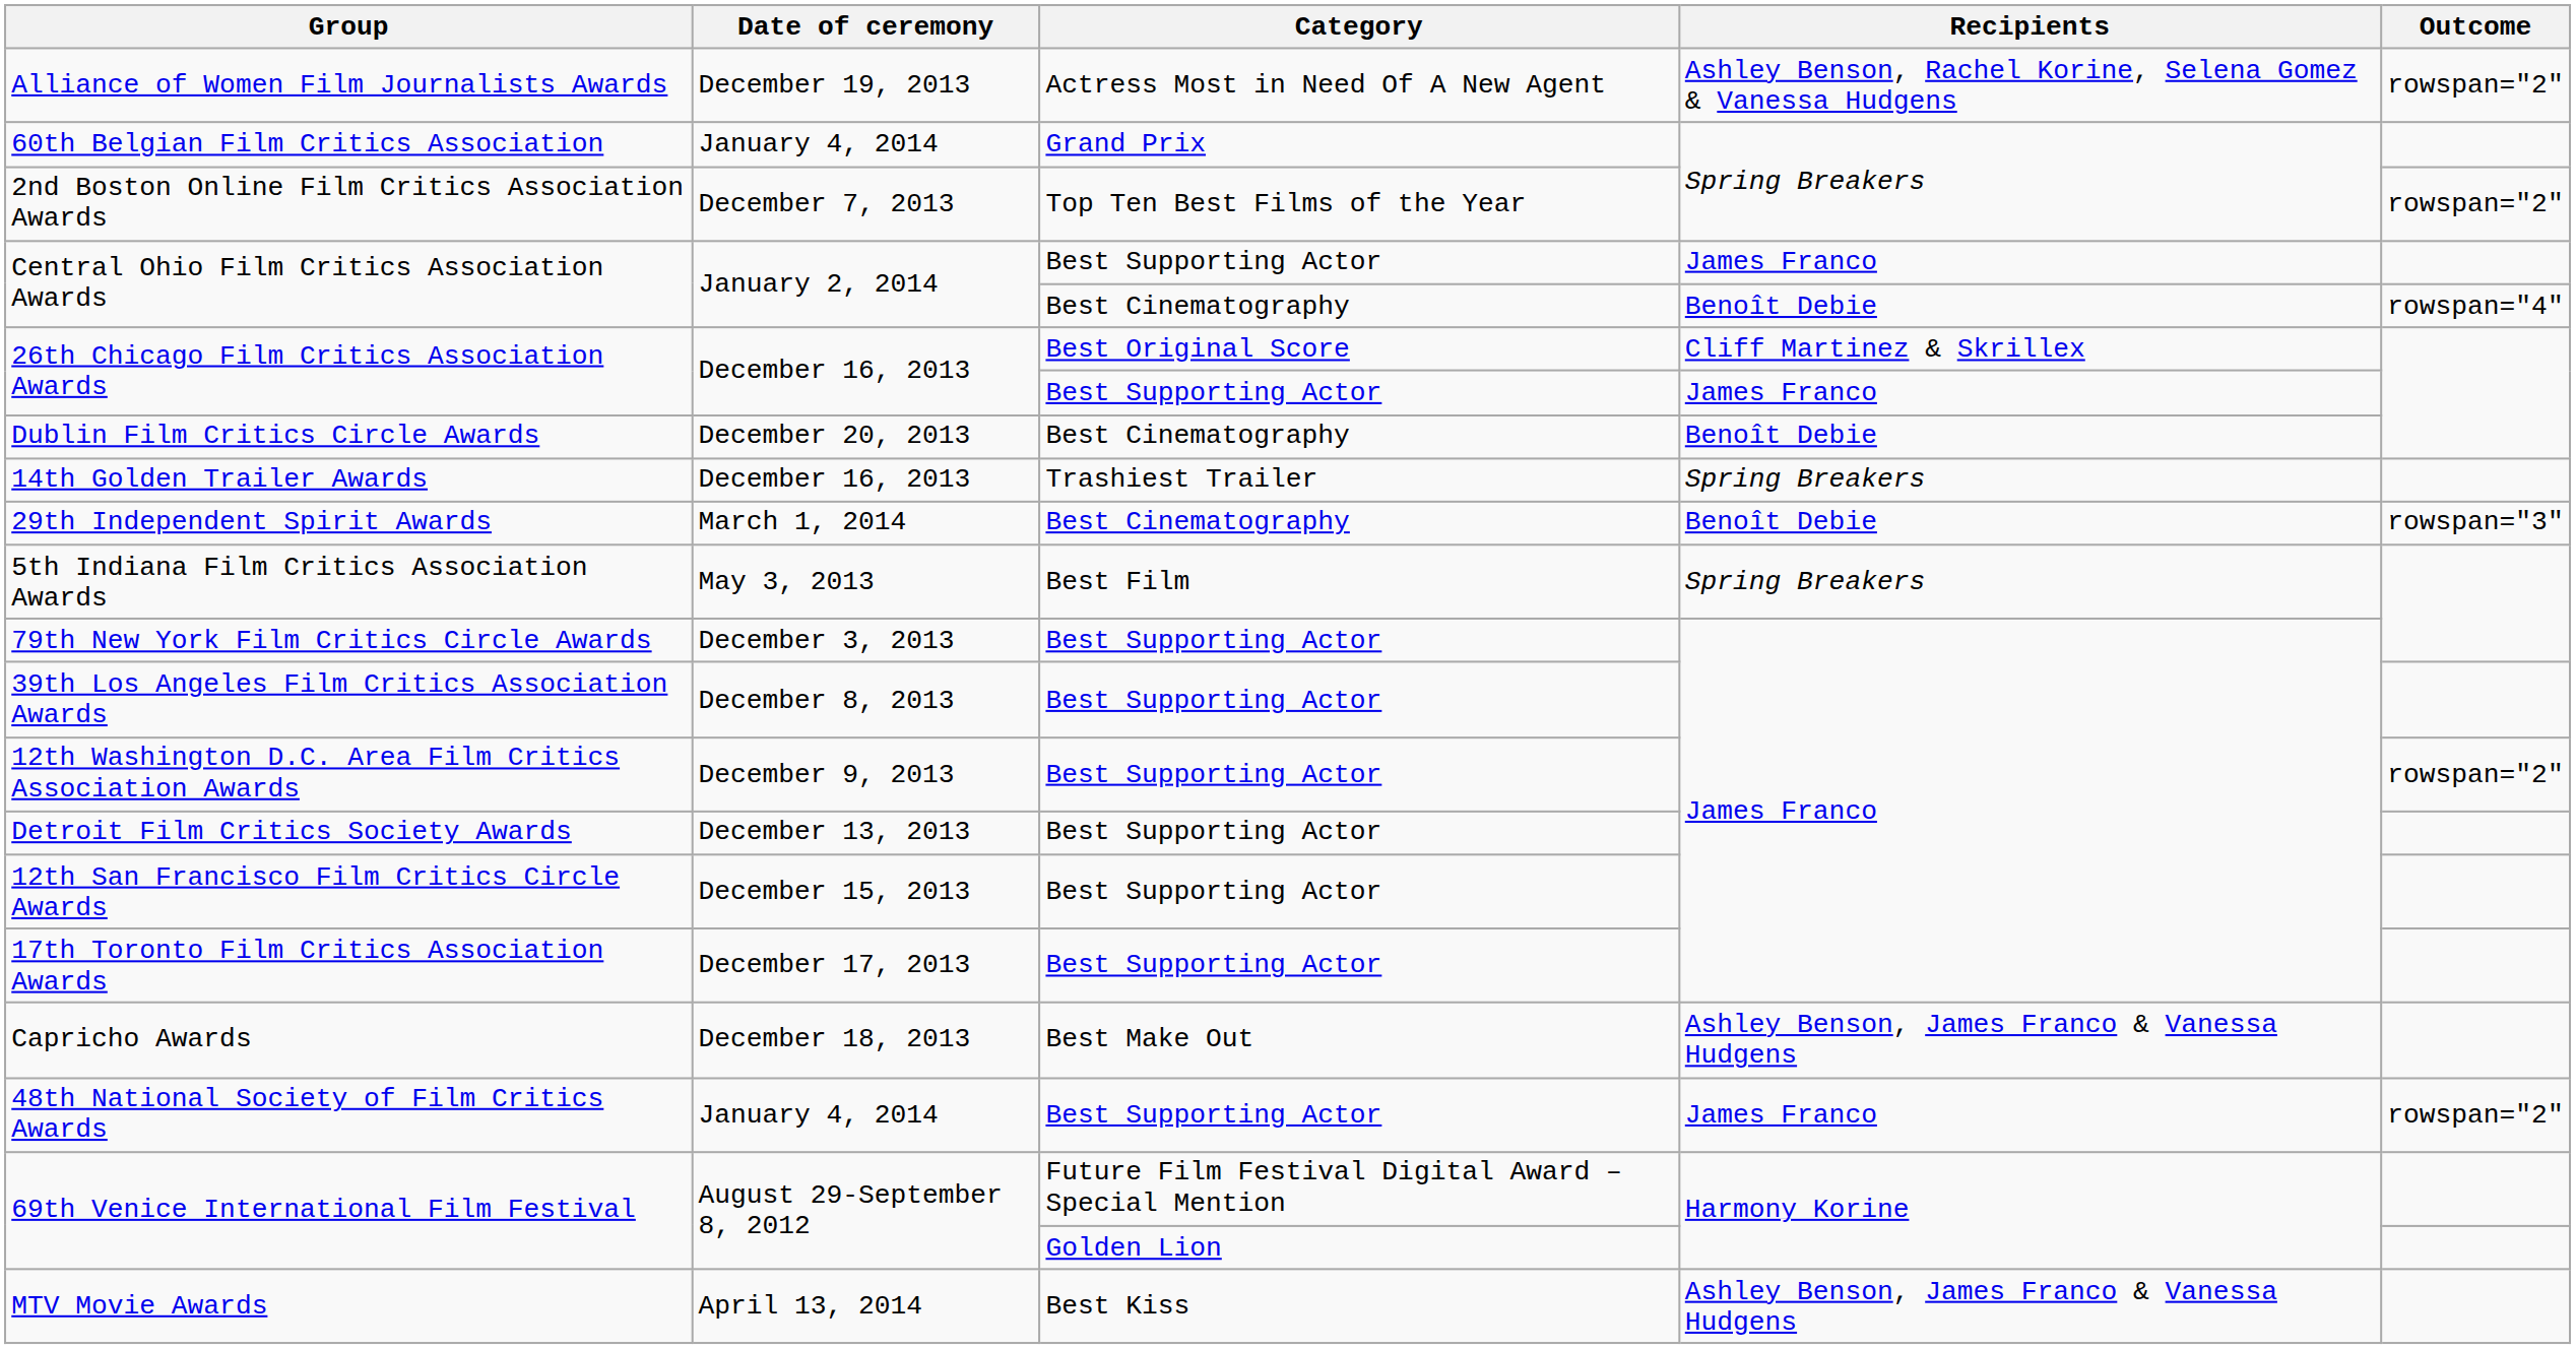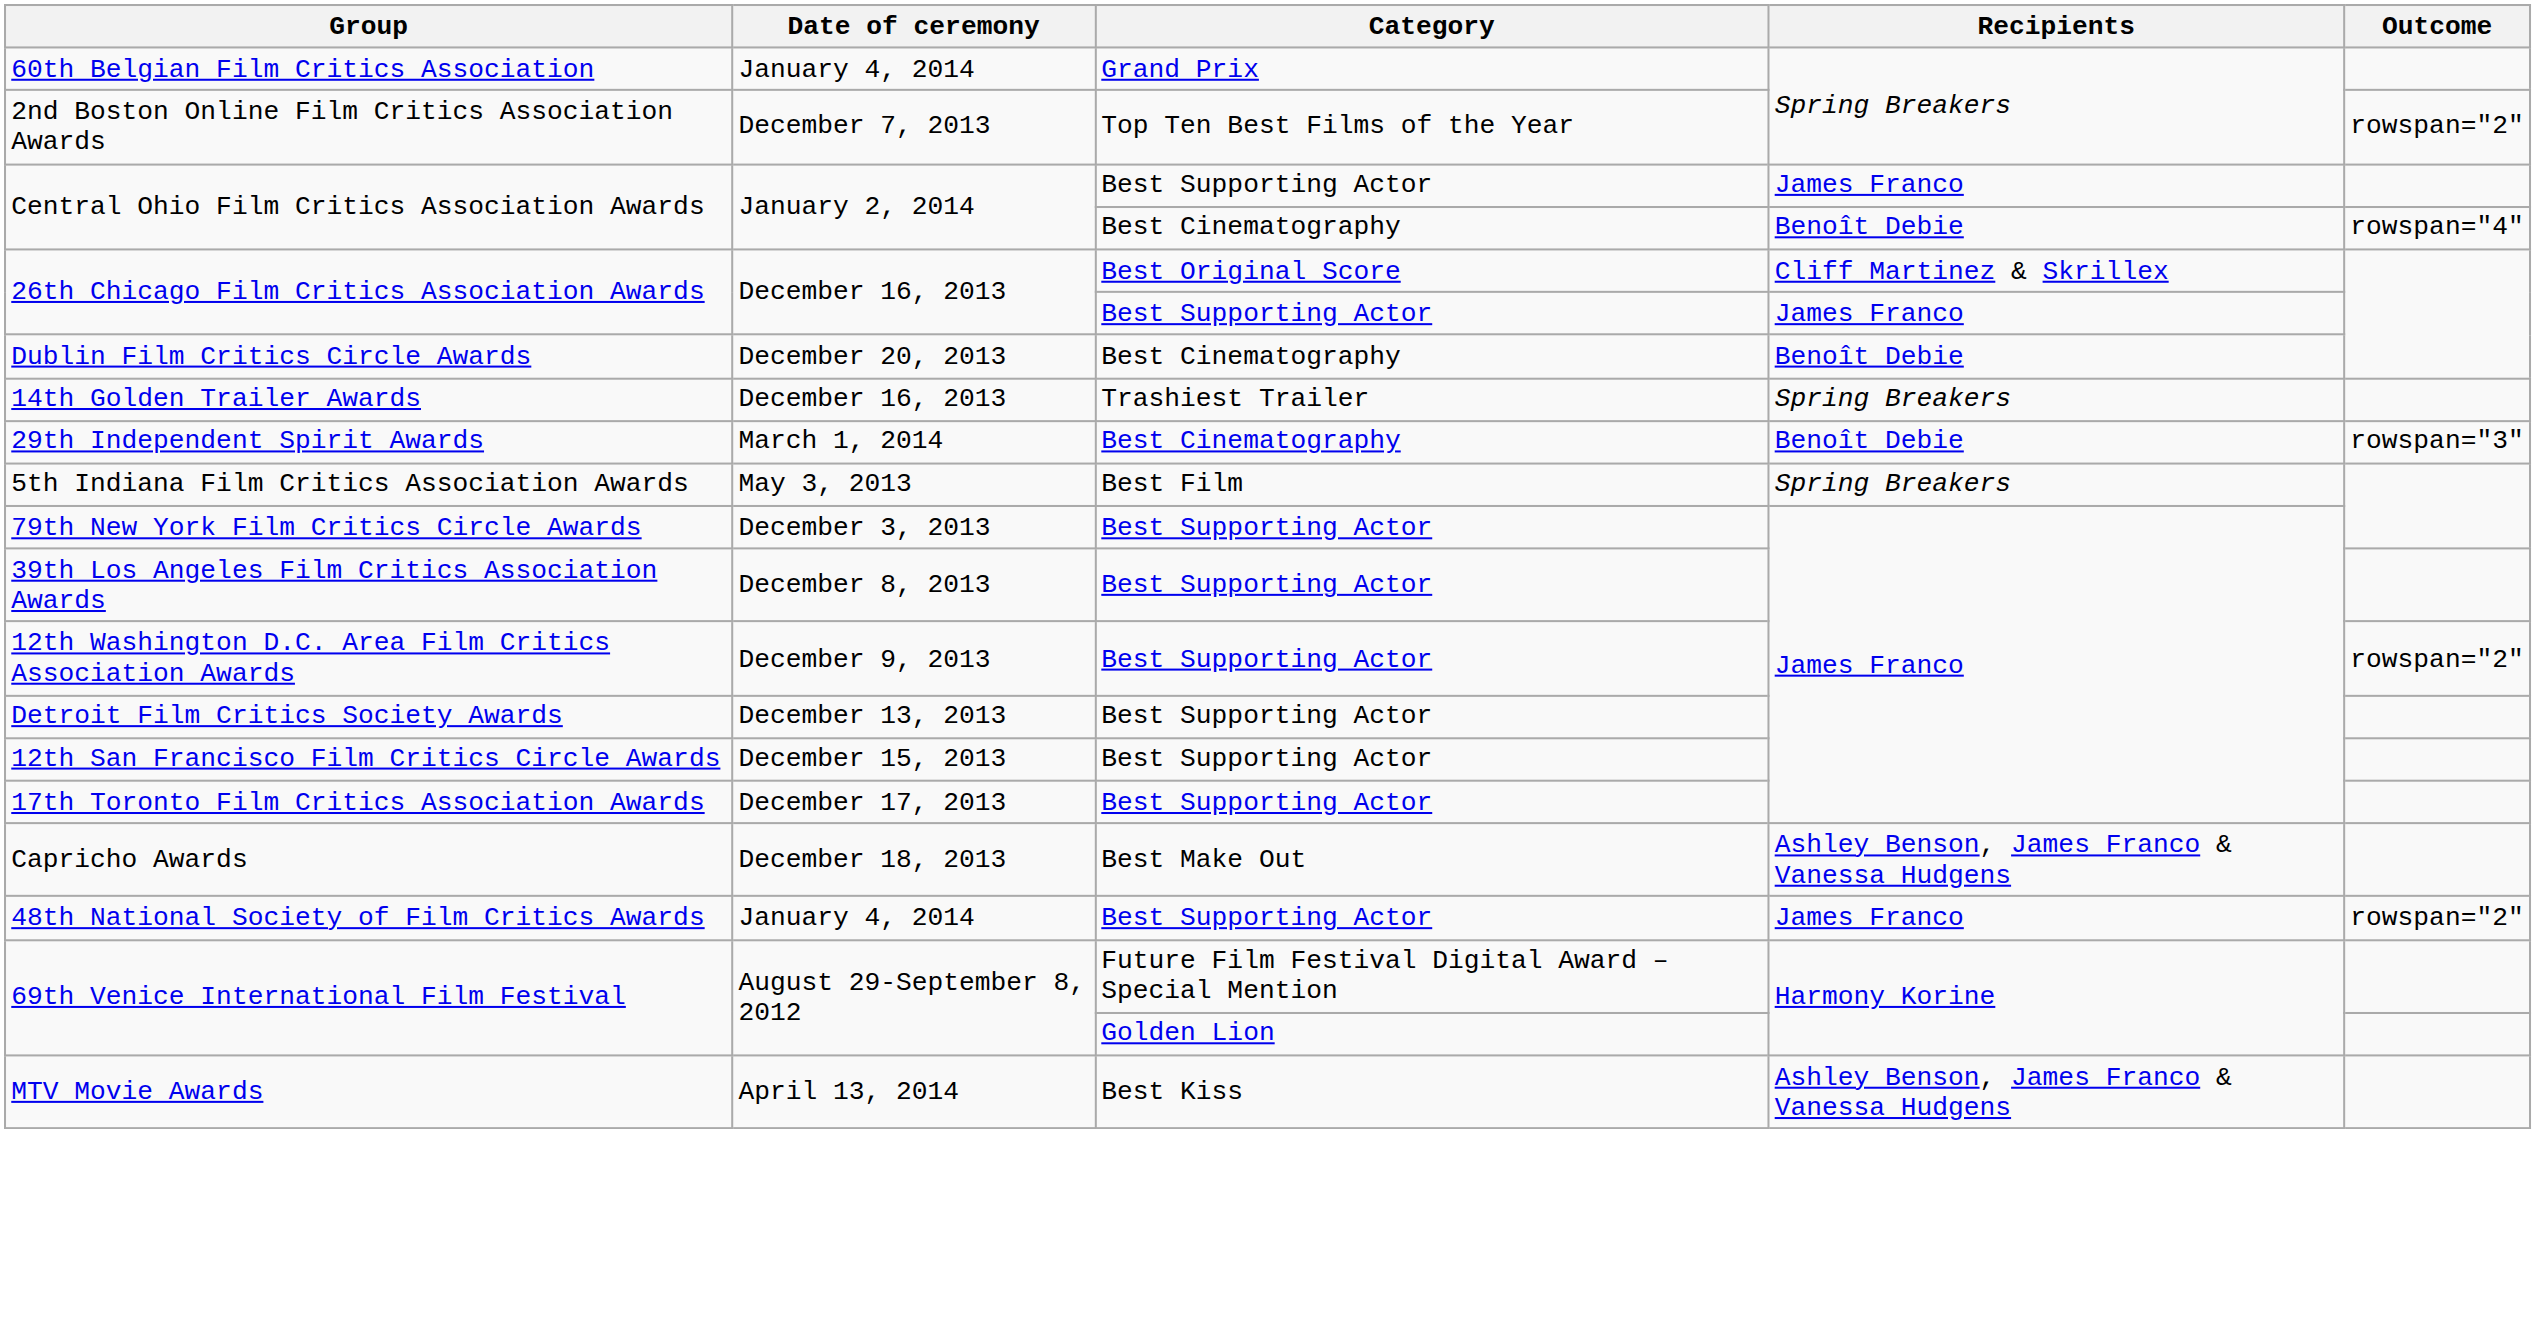 <table class="wikitable">
 <tr>
 <th>Group</th>
 <th>Date of ceremony</th>
 <th>Category</th>
 <th>Recipients</th>
 <th>Outcome</th>
-</tr>
-<tr>
-<td><a href='#'>Alliance of Women Film Journalists Awards</a></td>
-<td>December 19, 2013</td>
-<td>Actress Most in Need Of A New Agent</td>
-<td><a href='#'>Ashley Benson</a>, <a href='#'>Rachel Korine</a>, <a href='#'>Selena Gomez</a> & <a href='#'>Vanessa Hudgens</a></td>
-<td>rowspan="2" </td>
 </tr>
 <tr>
 <td><a href='#'>60th Belgian Film Critics Association</a></td>
 <td>January 4, 2014</td>
 <td><a href='#'>Grand Prix</a></td>
 <td rowspan="2"><em>Spring Breakers</em></td>
 </tr>
 <tr>
 <td>2nd Boston Online Film Critics Association Awards</td>
 <td>December 7, 2013</td>
 <td>Top Ten Best Films of the Year</td>
 <td>rowspan="2" </td>
 </tr>
 <tr>
 <td rowspan="2">Central Ohio Film Critics Association Awards</td>
 <td rowspan="2">January 2, 2014</td>
 <td>Best Supporting Actor</td>
 <td><a href='#'>James Franco</a></td>
 </tr>
 <tr>
 <td>Best Cinematography</td>
 <td><a href='#'>Benoît Debie</a></td>
 <td>rowspan="4" </td>
 </tr>
 <tr>
 <td rowspan="2"><a href='#'>26th Chicago Film Critics Association Awards</a></td>
 <td rowspan="2">December 16, 2013</td>
 <td><a href='#'>Best Original Score</a></td>
 <td><a href='#'>Cliff Martinez</a> & <a href='#'>Skrillex</a></td>
 </tr>
 <tr>
 <td><a href='#'>Best Supporting Actor</a></td>
 <td><a href='#'>James Franco</a></td>
 </tr>
 <tr>
 <td><a href='#'>Dublin Film Critics Circle Awards</a></td>
 <td>December 20, 2013</td>
 <td>Best Cinematography</td>
 <td><a href='#'>Benoît Debie</a></td>
 </tr>
 <tr>
 <td><a href='#'>14th Golden Trailer Awards</a></td>
 <td>December 16, 2013</td>
 <td>Trashiest Trailer</td>
 <td><em>Spring Breakers</em></td>
 <td></td>
 </tr>
 <tr>
 <td><a href='#'>29th Independent Spirit Awards</a></td>
 <td>March 1, 2014</td>
 <td><a href='#'>Best Cinematography</a></td>
 <td><a href='#'>Benoît Debie</a></td>
 <td>rowspan="3" </td>
 </tr>
 <tr>
 <td>5th Indiana Film Critics Association Awards</td>
 <td>May 3, 2013</td>
 <td>Best Film</td>
 <td><em>Spring Breakers</em></td>
 </tr>
 <tr>
 <td><a href='#'>79th New York Film Critics Circle Awards</a></td>
 <td>December 3, 2013</td>
 <td><a href='#'>Best Supporting Actor</a></td>
 <td rowspan="6"><a href='#'>James Franco</a></td>
 </tr>
 <tr>
 <td><a href='#'>39th Los Angeles Film Critics Association Awards</a></td>
 <td>December 8, 2013</td>
 <td><a href='#'>Best Supporting Actor</a></td>
 <td></td>
 </tr>
 <tr>
 <td><a href='#'>12th Washington D.C. Area Film Critics Association Awards</a></td>
 <td>December 9, 2013</td>
 <td><a href='#'>Best Supporting Actor</a></td>
 <td>rowspan="2" </td>
 </tr>
 <tr>
 <td><a href='#'>Detroit Film Critics Society Awards</a></td>
 <td>December 13, 2013</td>
 <td>Best Supporting Actor</td>
 </tr>
 <tr>
 <td><a href='#'>12th San Francisco Film Critics Circle Awards</a></td>
 <td>December 15, 2013</td>
 <td>Best Supporting Actor</td>
 <td></td>
 </tr>
 <tr>
 <td><a href='#'>17th Toronto Film Critics Association Awards</a></td>
 <td>December 17, 2013</td>
 <td><a href='#'>Best Supporting Actor</a></td>
 <td></td>
 </tr>
 <tr>
 <td>Capricho Awards</td>
 <td>December 18, 2013</td>
 <td>Best Make Out</td>
 <td><a href='#'>Ashley Benson</a>, <a href='#'>James Franco</a> & <a href='#'>Vanessa Hudgens</a></td>
 <td></td>
 </tr>
 <tr>
 <td><a href='#'>48th National Society of Film Critics Awards</a></td>
 <td>January 4, 2014</td>
 <td><a href='#'>Best Supporting Actor</a></td>
 <td><a href='#'>James Franco</a></td>
 <td>rowspan="2" </td>
 </tr>
 <tr>
 <td rowspan="2"><a href='#'>69th Venice International Film Festival</a></td>
 <td rowspan="2">August 29-September 8, 2012</td>
 <td>Future Film Festival Digital Award – Special Mention</td>
 <td rowspan="2"><a href='#'>Harmony Korine</a></td>
 </tr>
 <tr>
 <td><a href='#'>Golden Lion</a></td>
 <td></td>
 </tr>
 <tr>
 <td><a href='#'>MTV Movie Awards</a></td>
 <td>April 13, 2014</td>
 <td>Best Kiss</td>
 <td><a href='#'>Ashley Benson</a>, <a href='#'>James Franco</a> & <a href='#'>Vanessa Hudgens</a></td>
 <td></td>
 </tr>
 </table>
